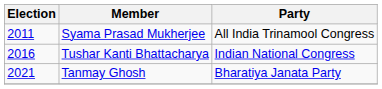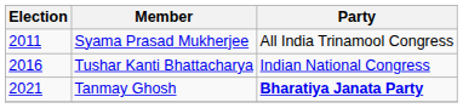 <table - class="wikitable sortable">
 <tr>
 <th>Election</th>
 <th>Member</th>
 <th>Party</th>
 </tr>
 <tr>
 <td><a href='#'>2011</a></td>
 <td><a href='#'>Syama Prasad Mukherjee</a></td>
 <td>All India Trinamool Congress</td>
 </tr>
 <tr>
 <td><a href='#'>2016</a></td>
 <td><a href='#'>Tushar Kanti Bhattacharya</a></td>
 <td><a href='#'>Indian National Congress</a></td>
 </tr>
 <tr>
 <td><a href='#'>2021</a></td>
 <td><a href='#'>Tanmay Ghosh</a></td>
-<td><a href='#'>Bharatiya Janata Party</a></td>
+<td><strong><a href='#'>Bharatiya Janata Party</a></strong></td>
 </tr>
 <tr>
 </tr>
 </table>
